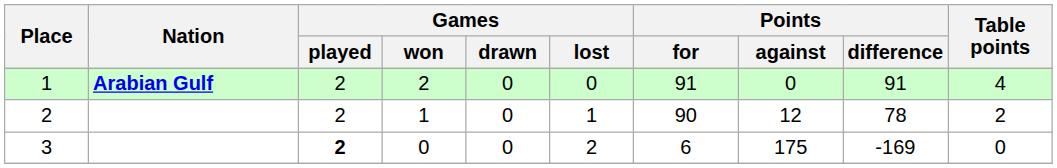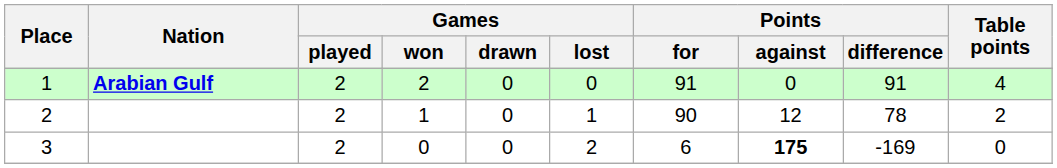 <table class="wikitable">
 <tr>
 <th rowspan=2 width="8%">Place</th>
 <th rowspan=2 width="20%">Nation</th>
 <th colspan=4 width="32%">Games</th>
 <th colspan=3 width="30%">Points</th>
 <th rowspan=2 width="10%">Table<br>points</th>
 </tr>
 <tr>
 <th width="8%">played</th>
 <th width="8%">won</th>
 <th width="8%">drawn</th>
 <th width="8%">lost</th>
 <th width="10%">for</th>
 <th width="10%">against</th>
 <th width="10%">difference</th>
 </tr>
 <tr>
 </tr>
 <tr bgcolor=#ccffcc align=center>
 <td>1</td>
 <td align=left><strong><a href='#'>Arabian Gulf</a></strong></td>
 <td>2</td>
 <td>2</td>
 <td>0</td>
 <td>0</td>
 <td>91</td>
 <td>0</td>
 <td>91</td>
 <td>4</td>
 </tr>
 <tr bgcolor=#ffffff align=center>
 <td>2</td>
 <td align=left></td>
 <td>2</td>
 <td>1</td>
 <td>0</td>
 <td>1</td>
 <td>90</td>
 <td>12</td>
 <td>78</td>
 <td>2</td>
 </tr>
 <tr bgcolor=#ffffff align=center>
 <td>3</td>
 <td align=left></td>
-<td><strong>2</strong></td>
+<td>2</td>
 <td>0</td>
 <td>0</td>
 <td>2</td>
 <td>6</td>
-<td>175</td>
+<td><strong>175</strong></td>
 <td>-169</td>
 <td>0</td>
 </tr>
 <tr bgcolor=#ffffff align=center>
 </tr>
 </table>
